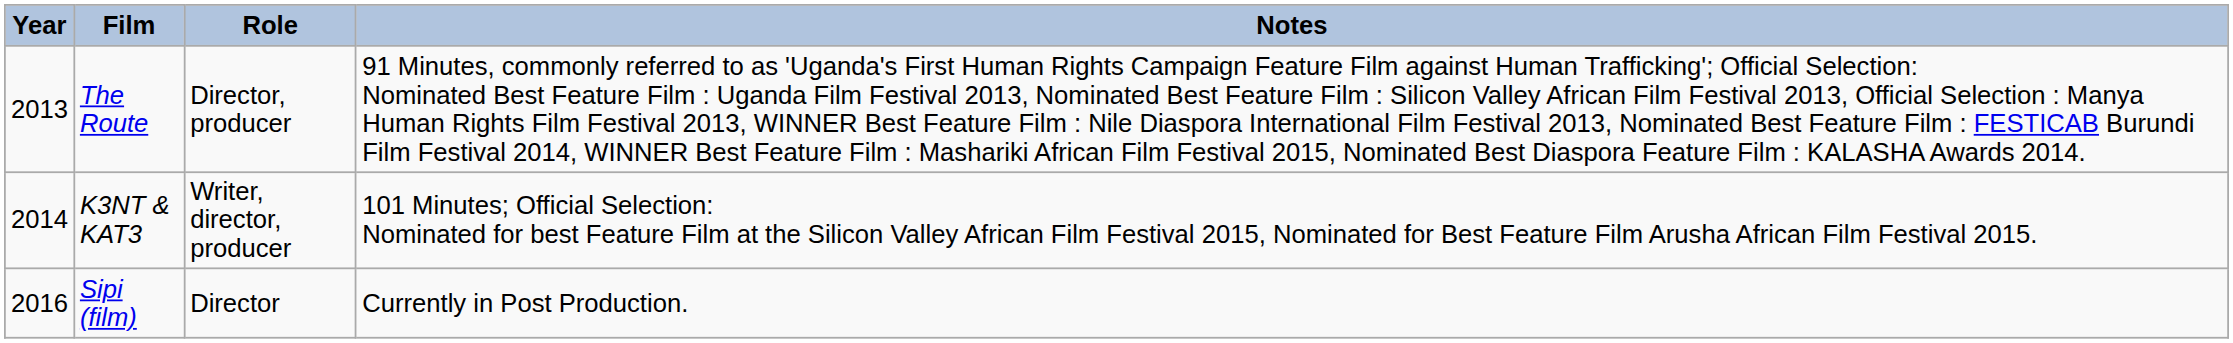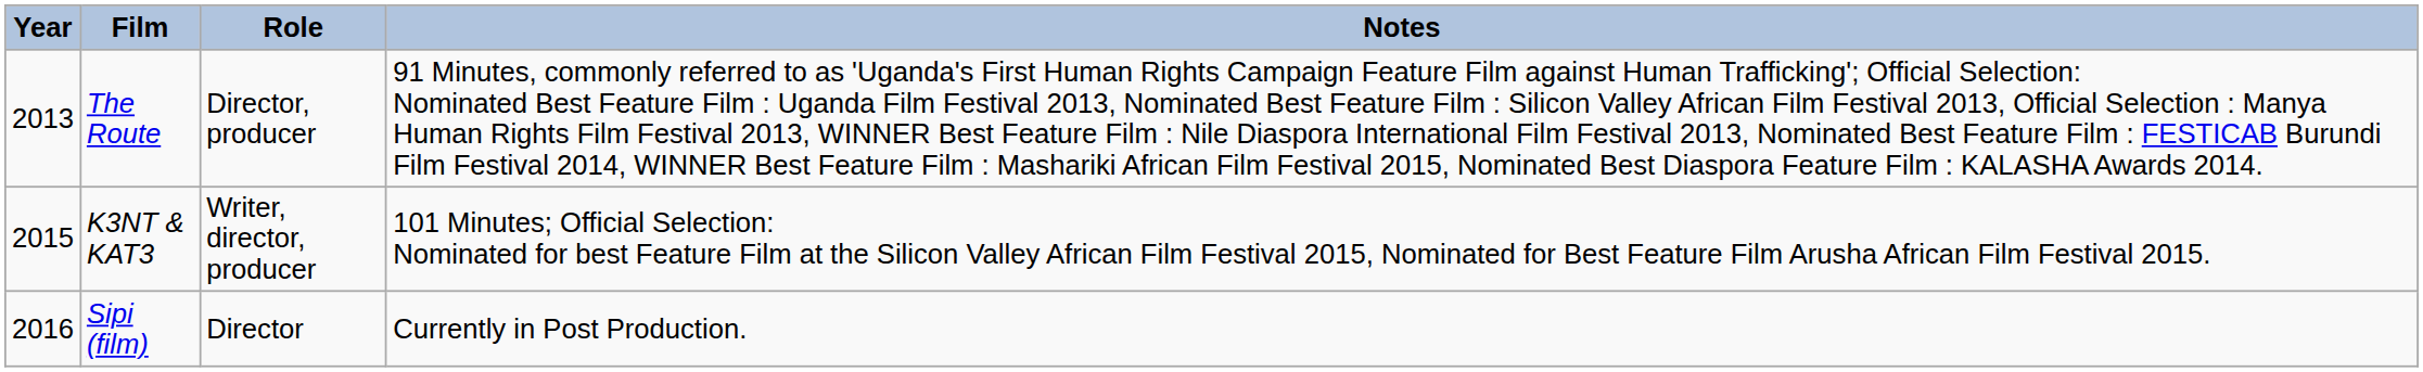 <table class="wikitable" style="font-size:90%;" background: #f9f9f0;>
 <tr style="text-align:center;">
 <th style="background:#B0C4DE;">Year</th>
 <th style="background:#B0C4DE;">Film</th>
 <th style="background:#B0C4DE;">Role</th>
 <th style="background:#B0C4DE;">Notes</th>
 </tr>
 <tr>
 <td>2013</td>
 <td><em><a href='#'>The Route</a></em></td>
 <td>Director, producer</td>
 <td>91 Minutes, commonly referred to as 'Uganda's First Human Rights Campaign Feature Film against Human Trafficking'; Official Selection:<br>Nominated Best Feature Film : Uganda Film Festival 2013, Nominated Best Feature Film : Silicon Valley African Film Festival 2013, Official Selection : Manya Human Rights Film Festival 2013, WINNER Best Feature Film : Nile Diaspora International Film Festival 2013, Nominated Best Feature Film : <a href='#'>FESTICAB</a> Burundi Film Festival 2014, WINNER Best Feature Film : Mashariki African Film Festival 2015, Nominated Best Diaspora Feature Film : KALASHA Awards 2014.</td>
 </tr>
 <tr>
-<td>2014</td>
+<td>2015</td>
 <td><em>K3NT & KAT3</em></td>
 <td>Writer, director, producer</td>
 <td>101 Minutes; Official Selection:<br>Nominated for best Feature Film at the Silicon Valley African Film Festival 2015, Nominated for Best Feature Film Arusha African Film Festival 2015.</td>
 </tr>
 <tr>
 <td>2016</td>
 <td><em><a href='#'>Sipi (film)</a></em></td>
 <td>Director</td>
 <td>Currently in Post Production.</td>
 </tr>
 </table>
